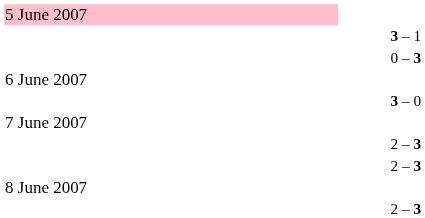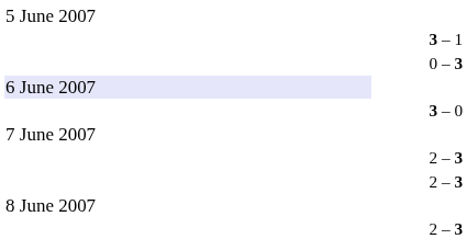 <table width=100% cellspacing=1>
 <tr>
 <th width=25%></th>
 <th width=10%></th>
 <th></th>
 </tr>
 <tr>
-<td style="background: pink;">5 June 2007</td>
+<td>5 June 2007</td>
 </tr>
 <tr style=font-size:90%>
 <td align=right><strong></strong></td>
 <td align=center><strong>3</strong> – 1</td>
 <td></td>
 </tr>
 <tr style=font-size:90%>
 <td align=right></td>
 <td align=center>0 – <strong>3</strong></td>
 <td><strong></strong></td>
 </tr>
 <tr>
-<td>6 June 2007</td>
+<td style="background: lavender;">6 June 2007</td>
 </tr>
 <tr style=font-size:90%>
 <td align=right><strong></strong></td>
 <td align=center><strong>3</strong> – 0</td>
 <td></td>
 </tr>
 <tr>
 <td>7 June 2007</td>
 </tr>
 <tr style=font-size:90%>
 <td align=right></td>
 <td align=center>2 – <strong>3</strong></td>
 <td><strong></strong></td>
 </tr>
 <tr style=font-size:90%>
 <td align=right></td>
 <td align=center>2 – <strong>3</strong></td>
 <td><strong></strong></td>
 </tr>
 <tr>
 <td>8 June 2007</td>
 </tr>
 <tr style=font-size:90%>
 <td align=right></td>
 <td align=center>2 – <strong>3</strong></td>
 <td><strong></strong></td>
 </tr>
 </table>
